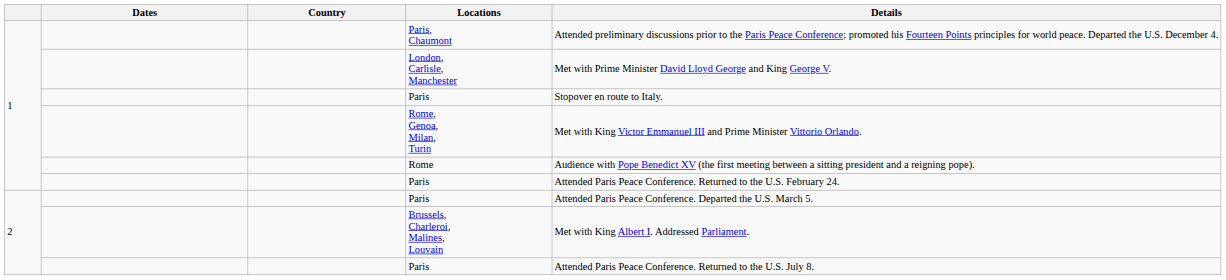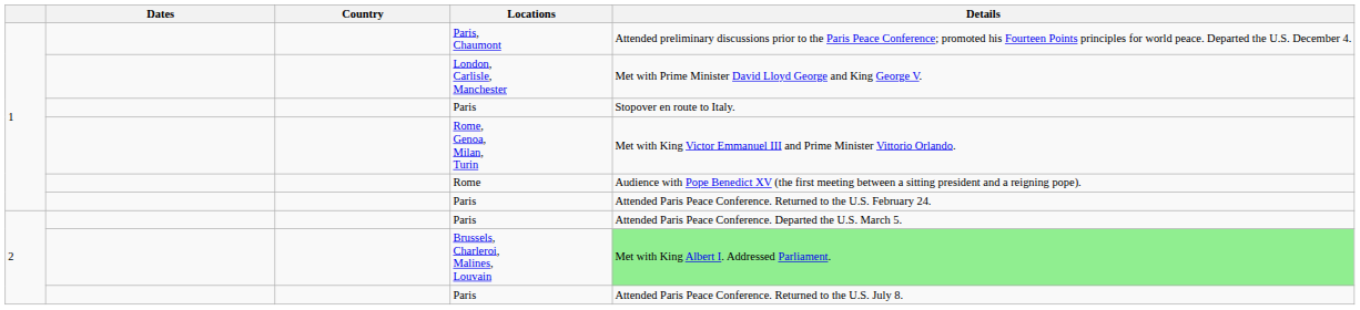 <table class="wikitable sortable" border="1" style="margin: 1em auto 1em auto">
 <tr>
 <th style="width: 3%;"></th>
 <th style="width: 17%;">Dates</th>
 <th style="width: 13%;">Country</th>
 <th style="width: 12%;">Locations</th>
 <th style="width: 55%;">Details</th>
 </tr>
 <tr>
 <td rowspan=6>1</td>
 <td></td>
 <td></td>
 <td><a href='#'>Paris</a>,<br><a href='#'>Chaumont</a></td>
 <td>Attended preliminary discussions prior to the <a href='#'>Paris Peace Conference</a>; promoted his <a href='#'>Fourteen Points</a> principles for world peace. Departed the U.S. December 4.</td>
 </tr>
 <tr>
 <td></td>
 <td></td>
 <td><a href='#'>London</a>,<br><a href='#'>Carlisle</a>,<br><a href='#'>Manchester</a></td>
 <td>Met with Prime Minister <a href='#'>David Lloyd George</a> and King <a href='#'>George V</a>.</td>
 </tr>
 <tr>
 <td nowrap></td>
 <td></td>
 <td>Paris</td>
 <td>Stopover en route to Italy.</td>
 </tr>
 <tr>
 <td></td>
 <td></td>
 <td><a href='#'>Rome</a>,<br><a href='#'>Genoa</a>,<br><a href='#'>Milan</a>,<br><a href='#'>Turin</a></td>
 <td>Met with King <a href='#'>Victor Emmanuel III</a> and Prime Minister <a href='#'>Vittorio Orlando</a>.</td>
 </tr>
 <tr>
 <td></td>
 <td></td>
 <td>Rome</td>
 <td>Audience with <a href='#'>Pope Benedict XV</a> (the first meeting between a sitting president and a reigning pope).</td>
 </tr>
 <tr>
 <td></td>
 <td></td>
 <td>Paris</td>
 <td>Attended Paris Peace Conference. Returned to the U.S. February 24.</td>
 </tr>
 <tr>
 <td rowspan=3>2</td>
 <td></td>
 <td></td>
 <td>Paris</td>
 <td>Attended Paris Peace Conference. Departed the U.S. March 5.</td>
 </tr>
 <tr>
 <td></td>
 <td></td>
 <td><a href='#'>Brussels</a>,<br><a href='#'>Charleroi</a>,<br><a href='#'>Malines</a>,<br><a href='#'>Louvain</a></td>
-<td>Met with King <a href='#'>Albert I</a>. Addressed <a href='#'>Parliament</a>.</td>
+<td style="background: lightgreen;">Met with King <a href='#'>Albert I</a>. Addressed <a href='#'>Parliament</a>.</td>
 </tr>
 <tr>
 <td></td>
 <td></td>
 <td>Paris</td>
 <td>Attended Paris Peace Conference. Returned to the U.S. July 8.</td>
 </tr>
 </table>
